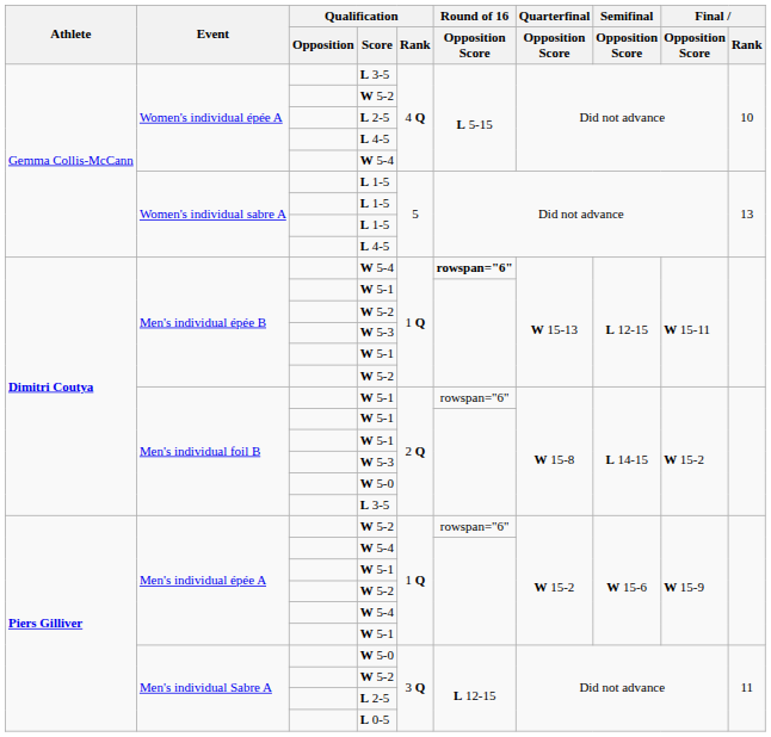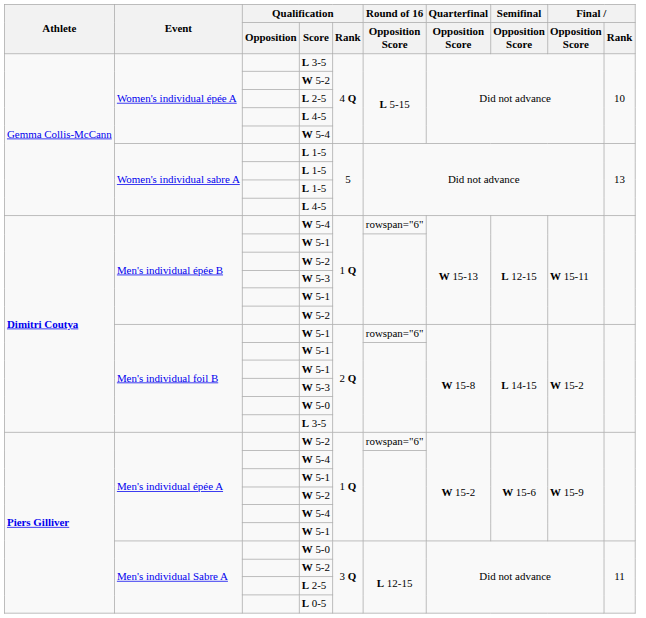 <table class=wikitable style="font-size:90%">
 <tr>
 <th rowspan="2">Athlete</th>
 <th rowspan="2">Event</th>
 <th colspan="3">Qualification</th>
 <th>Round of 16</th>
 <th>Quarterfinal</th>
 <th>Semifinal</th>
 <th colspan="2">Final / </th>
 </tr>
 <tr>
 <th>Opposition</th>
 <th>Score</th>
 <th>Rank</th>
 <th>Opposition<br>Score</th>
 <th>Opposition<br>Score</th>
 <th>Opposition<br>Score</th>
 <th>Opposition<br>Score</th>
 <th>Rank</th>
 </tr>
 <tr align=center>
 <td align=left rowspan=9><a href='#'>Gemma Collis-McCann</a></td>
 <td align=left rowspan=5><a href='#'>Women's individual épée A</a></td>
 <td align=left></td>
 <td align=left><strong>L</strong> 3-5</td>
 <td rowspan=5>4 <strong>Q</strong></td>
 <td align=center rowspan=5><br> <strong>L</strong> 5-15</td>
 <td colspan="3" rowspan="5">Did not advance</td>
 <td rowspan=5>10</td>
 </tr>
 <tr>
 <td align=left></td>
 <td align=left><strong>W</strong> 5-2</td>
 </tr>
 <tr>
 <td></td>
 <td align=left><strong>L</strong> 2-5</td>
 </tr>
 <tr>
 <td align=left></td>
 <td align=left><strong>L</strong> 4-5</td>
 </tr>
 <tr>
 <td align=left></td>
 <td align=left><strong>W</strong> 5-4</td>
 </tr>
 <tr align=center>
 <td align=left rowspan=4><a href='#'>Women's individual sabre A</a></td>
 <td align=left></td>
 <td align=left><strong>L</strong> 1-5</td>
 <td rowspan=4>5</td>
 <td rowspan=4 colspan=4>Did not advance</td>
 <td rowspan=4>13</td>
 </tr>
 <tr>
 <td align=left></td>
 <td align=left><strong>L</strong> 1-5</td>
 </tr>
 <tr>
 <td align=left></td>
 <td align=left><strong>L</strong> 1-5</td>
 </tr>
 <tr>
 <td align=left></td>
 <td align=left><strong>L</strong> 4-5</td>
 </tr>
 <tr align=center>
 <td align=left rowspan=12><strong><a href='#'>Dimitri Coutya</a></strong></td>
 <td align=left rowspan=6><a href='#'>Men's individual épée B</a></td>
 <td align=left></td>
 <td align=left><strong>W</strong> 5-4</td>
 <td rowspan=6>1 <strong>Q</strong></td>
-<td><strong>rowspan="6" </strong></td>
+<td>rowspan="6" </td>
 <td align=center rowspan=6><br> <strong>W</strong> 15-13</td>
 <td align=center rowspan=6><br> <strong>L</strong> 12-15</td>
 <td align=left rowspan=6><br> <strong>W</strong> 15-11</td>
 <td rowspan=6></td>
 </tr>
 <tr>
 <td align=left></td>
 <td align=left><strong>W</strong> 5-1</td>
 </tr>
 <tr>
 <td align=left></td>
 <td align=left><strong>W</strong> 5-2</td>
 </tr>
 <tr>
 <td align=left></td>
 <td align=left><strong>W</strong> 5-3</td>
 </tr>
 <tr>
 <td align=left></td>
 <td align=left><strong>W</strong> 5-1</td>
 </tr>
 <tr>
 <td align=left></td>
 <td align=left><strong>W</strong> 5-2</td>
 </tr>
 <tr align=center>
 <td align=left rowspan=6><a href='#'>Men's individual foil B</a></td>
 <td align=left></td>
 <td align=left><strong>W</strong> 5-1</td>
 <td rowspan=6>2 <strong>Q</strong></td>
 <td>rowspan="6" </td>
 <td align=center rowspan=6><br> <strong>W</strong> 15-8</td>
 <td align=center rowspan=6><br> <strong>L</strong> 14-15</td>
 <td align=left rowspan=6><br> <strong>W</strong> 15-2</td>
 <td rowspan=6></td>
 </tr>
 <tr>
 <td align=left></td>
 <td align=left><strong>W</strong> 5-1</td>
 </tr>
 <tr>
 <td align=left></td>
 <td align=left><strong>W</strong> 5-1</td>
 </tr>
 <tr>
 <td align=left></td>
 <td align=left><strong>W</strong> 5-3</td>
 </tr>
 <tr>
 <td align=left></td>
 <td align=left><strong>W</strong> 5-0</td>
 </tr>
 <tr>
 <td align=left></td>
 <td align=left><strong>L</strong> 3-5</td>
 </tr>
 <tr align=center>
 <td align=left rowspan=10><strong><a href='#'>Piers Gilliver</a></strong></td>
 <td align=left rowspan=6><a href='#'>Men's individual épée A</a></td>
 <td align=left></td>
 <td align=left><strong>W</strong> 5-2</td>
 <td rowspan=6>1 <strong>Q</strong></td>
 <td>rowspan="6" </td>
 <td align=center rowspan=6><br> <strong>W</strong> 15-2</td>
 <td align=center rowspan=6><br> <strong>W</strong> 15-6</td>
 <td align=left rowspan=6><br> <strong>W</strong> 15-9</td>
 <td rowspan=6></td>
 </tr>
 <tr>
 <td align=left></td>
 <td align=left><strong>W</strong> 5-4</td>
 </tr>
 <tr>
 <td align=left></td>
 <td align=left><strong>W</strong> 5-1</td>
 </tr>
 <tr>
 <td align=left></td>
 <td align=left><strong>W</strong> 5-2</td>
 </tr>
 <tr>
 <td align=left></td>
 <td align=left><strong>W</strong> 5-4</td>
 </tr>
 <tr>
 <td align=left></td>
 <td align=left><strong>W</strong> 5-1</td>
 </tr>
 <tr align=center>
 <td align=left rowspan=4><a href='#'>Men's individual Sabre A</a></td>
 <td align=left></td>
 <td align=left><strong>W</strong> 5-0</td>
 <td rowspan=4>3 <strong>Q</strong></td>
 <td align=center rowspan=4><br> <strong>L</strong> 12-15</td>
 <td colspan="3" rowspan="4">Did not advance</td>
 <td rowspan=4>11</td>
 </tr>
 <tr>
 <td align=left></td>
 <td align=left><strong>W</strong> 5-2</td>
 </tr>
 <tr>
 <td align=left></td>
 <td align=left><strong>L</strong> 2-5</td>
 </tr>
 <tr>
 <td align=left></td>
 <td align=left><strong>L</strong> 0-5</td>
 </tr>
 </table>
